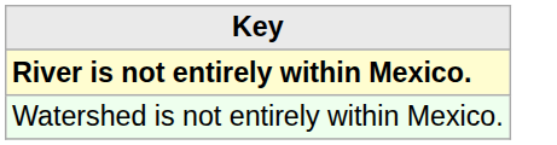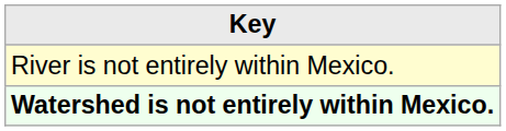 <table class="wikitable" border="1">
 <tr>
 <th style="background:#eaeaea" colspan=6>Key</th>
 </tr>
 <tr>
-<td bgcolor="#fffdd0" style="text-align: left"><strong> River is not entirely within Mexico.</strong></td>
+<td bgcolor="#fffdd0" style="text-align: left"> River is not entirely within Mexico.</td>
 </tr>
 <tr>
-<td bgcolor="#eeffee" style="text-align: left"> Watershed is not entirely within Mexico.</td>
+<td bgcolor="#eeffee" style="text-align: left"><strong> Watershed is not entirely within Mexico.</strong></td>
 </tr>
 </table>
